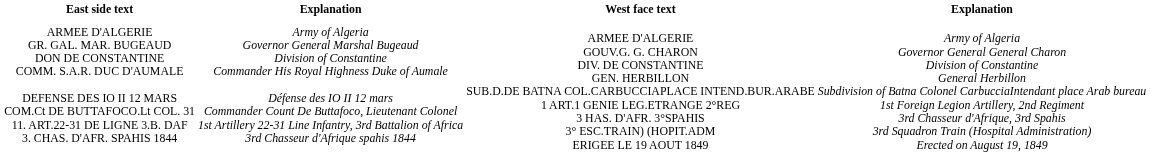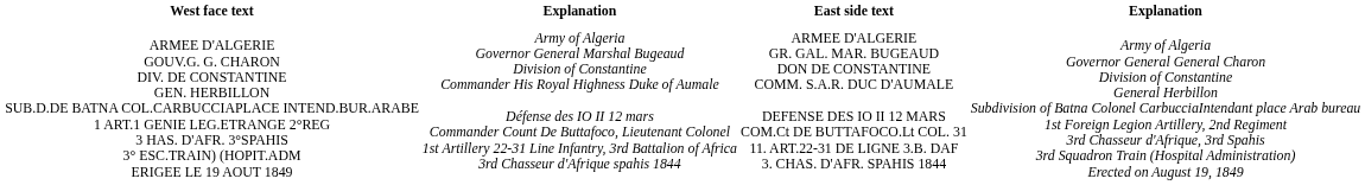 <table style="text-align:center;">
 <tr>
+<th>West face text</th>
+<th>Explanation</th>
 <th>East side text</th>
-<th>Explanation</th>
-<th>West face text</th>
 <th>Explanation</th>
 </tr>
 <tr>
+<td><br>ARMEE D'ALGERIE<br>GOUV.G. G. CHARON<br>DIV. DE CONSTANTINE<br>GEN. HERBILLON<br>SUB.D.DE BATNA COL.CARBUCCIAPLACE INTEND.BUR.ARABE<br>1 ART.1 GENIE LEG.ETRANGE 2°REG<br>3 HAS. D'AFR. 3°SPAHIS<br>3° ESC.TRAIN) (HOPIT.ADM<br>ERIGEE LE 19 AOUT 1849 <br></td>
+<td><em>Army of Algeria</em><br><em>Governor General Marshal Bugeaud</em><br><em>Division of Constantine</em><br><em>Commander His Royal Highness Duke of Aumale</em><br><br><em>Défense des IO II 12 mars</em><br><em>Commander Count De Buttafoco, Lieutenant Colonel</em><br><em>1st Artillery 22-31 Line Infantry, 3rd Battalion of Africa</em><br><em>3rd Chasseur d'Afrique spahis 1844</em></td>
 <td>ARMEE D'ALGERIE<br>GR. GAL. MAR. BUGEAUD<br>DON DE CONSTANTINE<br>COMM. S.A.R. DUC D'AUMALE<br><br>DEFENSE DES IO II 12 MARS<br>COM.Ct DE BUTTAFOCO.Lt COL. 31<br>11. ART.22-31 DE LIGNE 3.B. DAF<br>3. CHAS. D'AFR. SPAHIS 1844</td>
-<td><em>Army of Algeria</em><br><em>Governor General Marshal Bugeaud</em><br><em>Division of Constantine</em><br><em>Commander His Royal Highness Duke of Aumale</em><br><br><em>Défense des IO II 12 mars</em><br><em>Commander Count De Buttafoco, Lieutenant Colonel</em><br><em>1st Artillery 22-31 Line Infantry, 3rd Battalion of Africa</em><br><em>3rd Chasseur d'Afrique spahis 1844</em></td>
-<td><br>ARMEE D'ALGERIE<br>GOUV.G. G. CHARON<br>DIV. DE CONSTANTINE<br>GEN. HERBILLON<br>SUB.D.DE BATNA COL.CARBUCCIAPLACE INTEND.BUR.ARABE<br>1 ART.1 GENIE LEG.ETRANGE 2°REG<br>3 HAS. D'AFR. 3°SPAHIS<br>3° ESC.TRAIN) (HOPIT.ADM<br>ERIGEE LE 19 AOUT 1849 <br></td>
 <td><br><em>Army of Algeria</em><br><em>Governor General General Charon</em><br><em>Division of Constantine</em><br><em>General Herbillon</em><br><em>Subdivision of Batna Colonel Carbuccia</em><em>Intendant place Arab bureau</em><br><em>1st Foreign Legion Artillery, 2nd Regiment</em><br><em>3rd Chasseur d'Afrique, 3rd Spahis</em><br><em>3rd Squadron Train (Hospital Administration)</em><br><em>Erected on August 19, 1849</em><br></td>
 </tr>
 </table>
